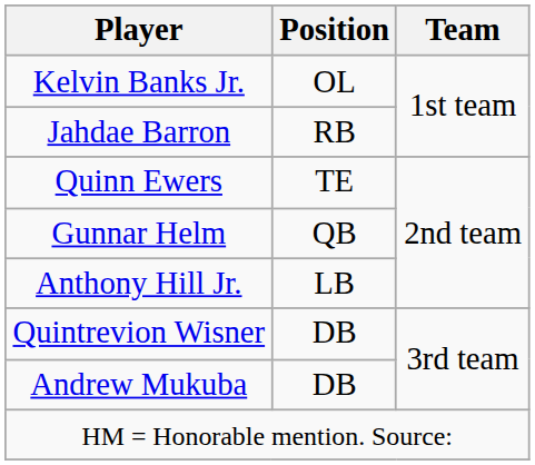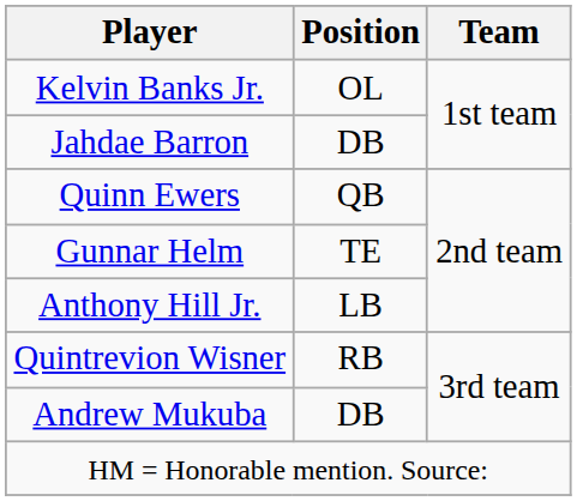 <table class="wikitable" style="text-align: center">
 <tr align=center>
 <th>Player</th>
 <th>Position</th>
 <th>Team</th>
 </tr>
 <tr>
 <td><a href='#'>Kelvin Banks Jr.</a></td>
 <td>OL</td>
 <td rowspan=2>1st team</td>
 </tr>
 <tr>
 <td><a href='#'>Jahdae Barron</a></td>
-<td>RB</td>
+<td>DB</td>
 </tr>
 <tr>
 <td><a href='#'>Quinn Ewers</a></td>
-<td>TE</td>
+<td>QB</td>
 <td rowspan=3>2nd team</td>
 </tr>
 <tr>
 <td><a href='#'>Gunnar Helm</a></td>
-<td>QB</td>
+<td>TE</td>
 </tr>
 <tr>
 <td><a href='#'>Anthony Hill Jr.</a></td>
 <td>LB</td>
 </tr>
 <tr>
 <td><a href='#'>Quintrevion Wisner</a></td>
-<td>DB</td>
+<td>RB</td>
 <td rowspan=2>3rd team</td>
 </tr>
 <tr>
 <td><a href='#'>Andrew Mukuba</a></td>
 <td>DB</td>
 </tr>
 <tr>
 <td colspan="3"><small>HM = Honorable mention. Source: </small> </td>
 </tr>
 </table>
